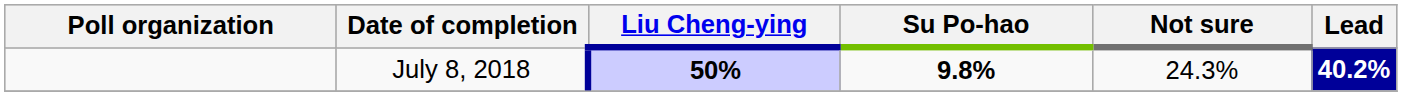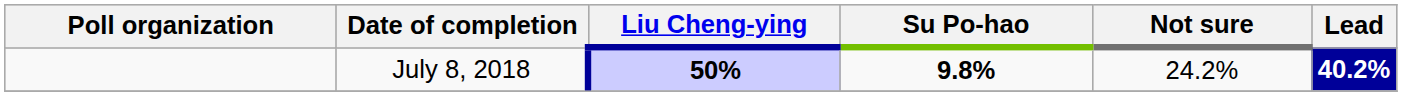 <table class="wikitable collapsible sortable" style="text-align:center">
 <tr>
 <th style="width:200px;">Poll organization</th>
 <th style="width:150px;">Date of completion</th>
 <th style="width:150px; border-bottom:4px solid #000099;"> <a href='#'>Liu Cheng-ying</a></th>
 <th style="width:150px; border-bottom:4px solid #73BF00;"> Su Po-hao</th>
 <th style="width:130px; border-bottom:4px solid #707070;"> Not sure</th>
 <th style="width:40px;">Lead</th>
 </tr>
 <tr>
 <td></td>
 <td>July 8, 2018</td>
 <td style="background-color:#CCCCFF; border-left:4px solid #000099;"><strong>50%</strong></td>
 <td><strong>9.8%</strong></td>
-<td>24.3%</td>
+<td>24.2%</td>
 <td style="background:#000099; color:white"><strong>40.2%</strong></td>
 </tr>
 <tr>
 </tr>
 </table>
